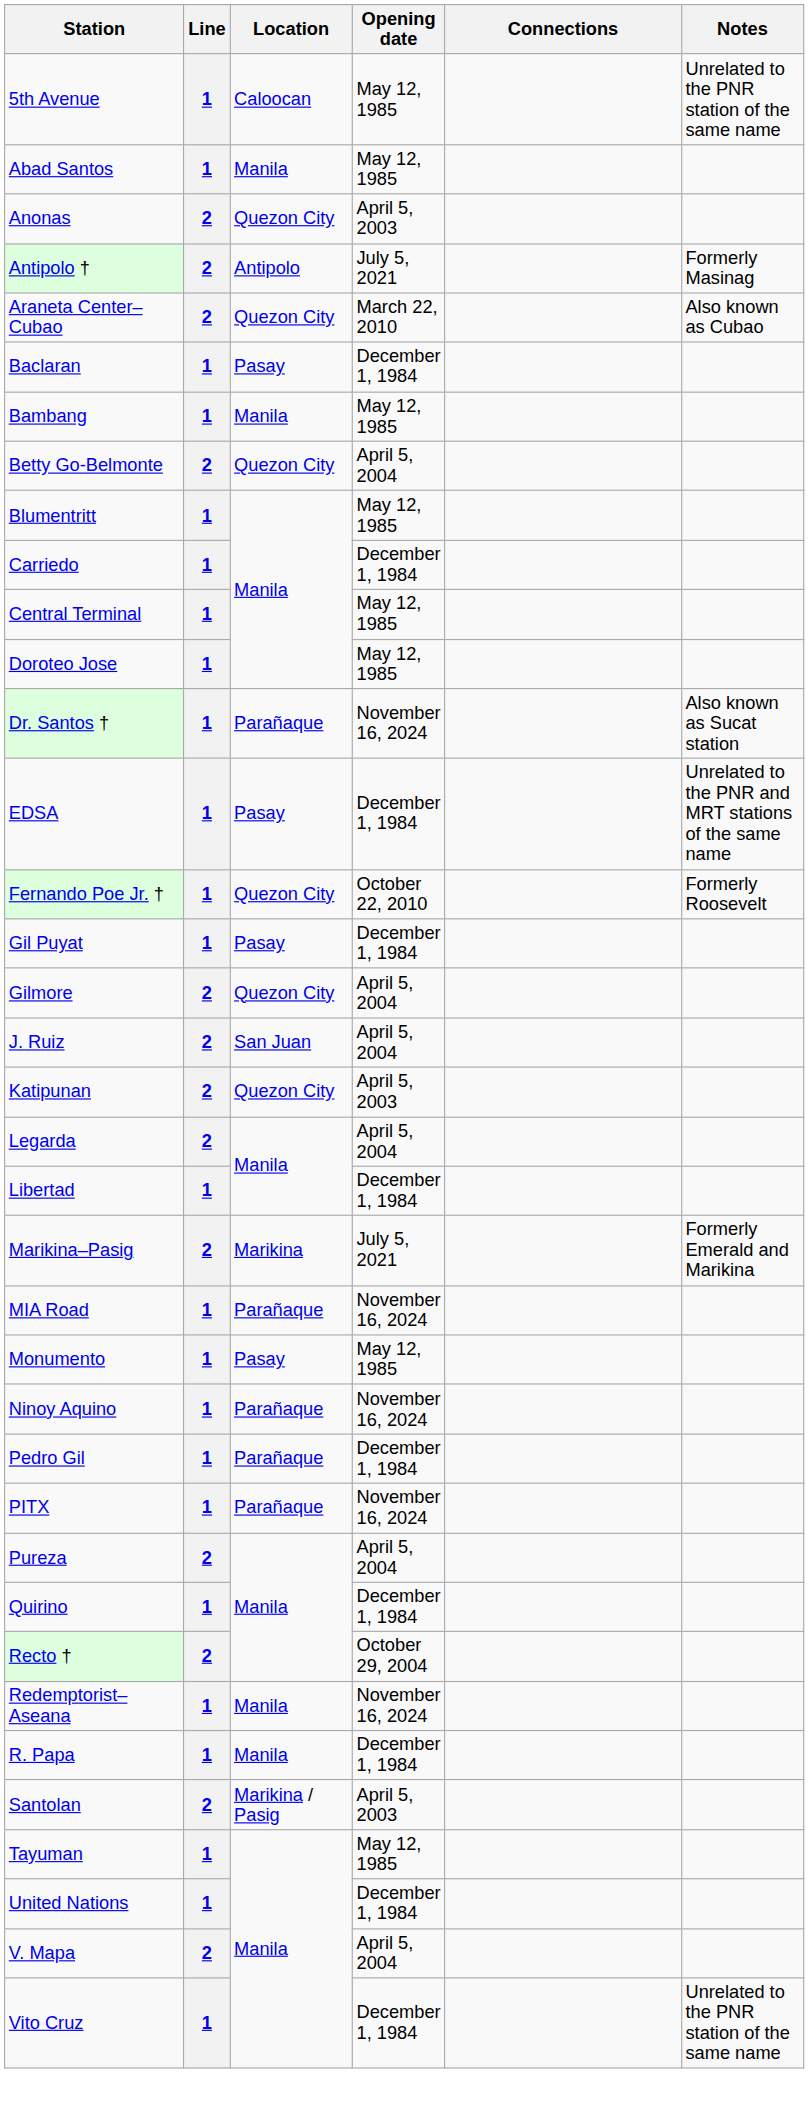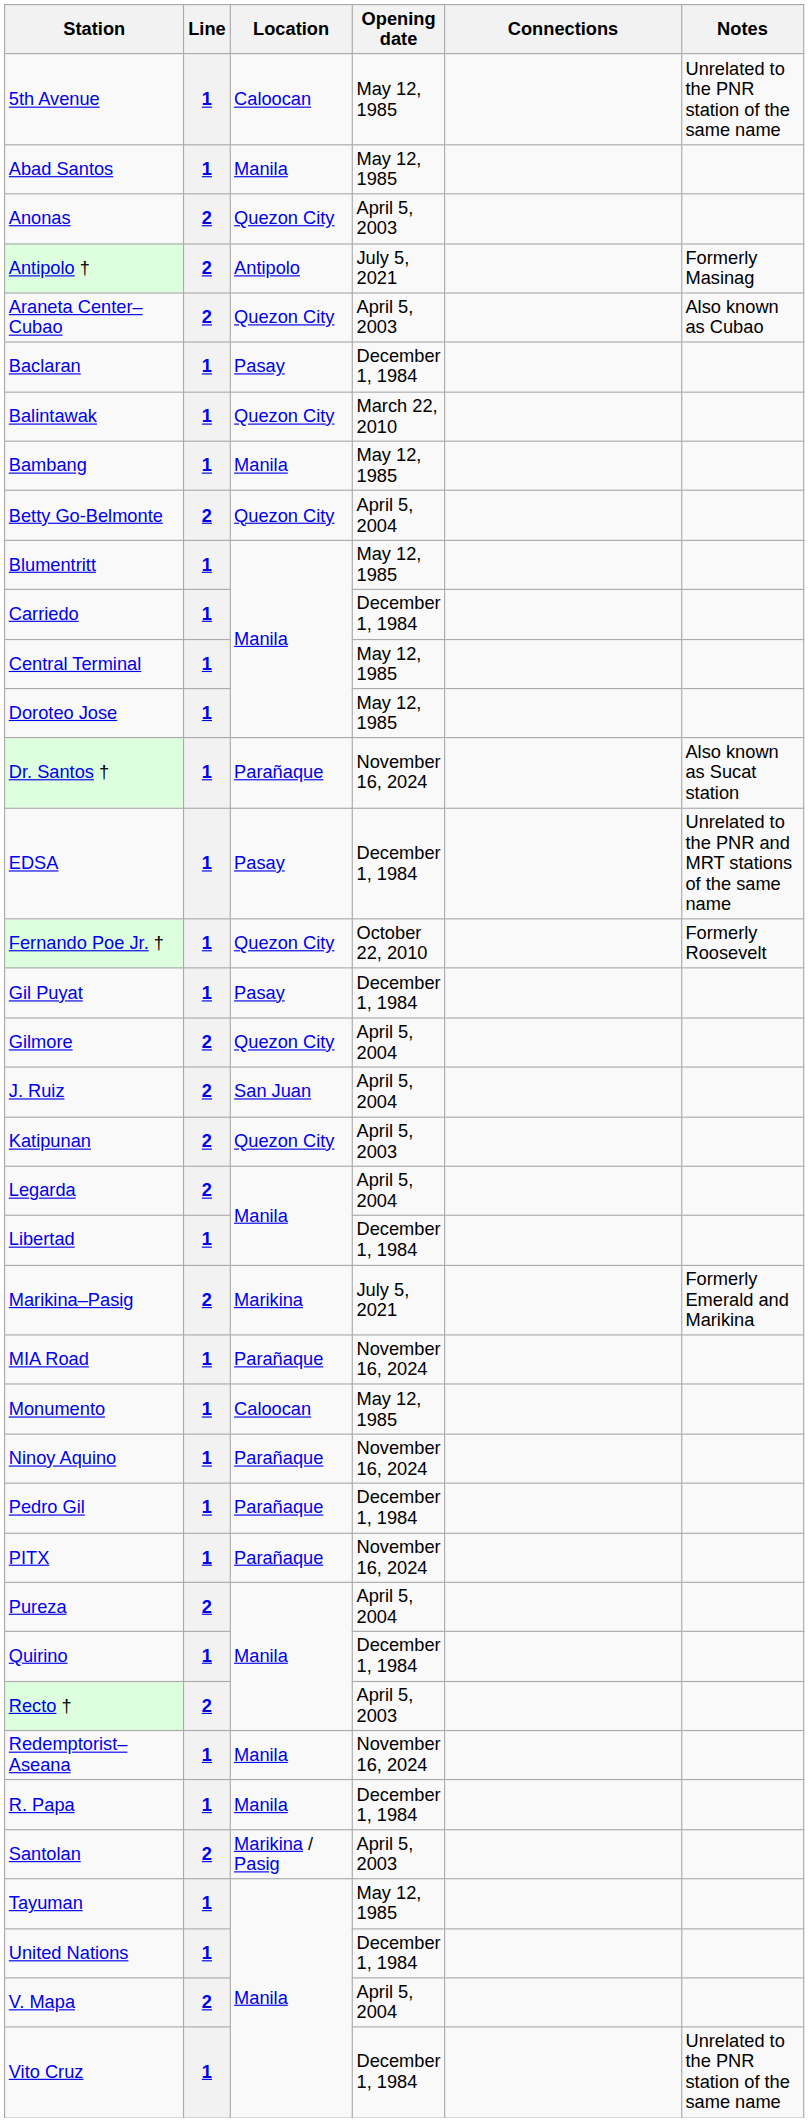 <table class="wikitable sortable">
 <tr>
 <th width="150">Station</th>
 <th class="unsortable" width="25">Line</th>
 <th width="100">Location</th>
 <th width="50">Opening date</th>
 <th width="200">Connections</th>
 <th width="100">Notes</th>
 </tr>
 <tr>
 <td><a href='#'>5th Avenue</a></td>
 <th style="background-color:#"><a href='#'><span>1</span></a></th>
 <td><a href='#'>Caloocan</a></td>
 <td>May 12, 1985</td>
 <td></td>
 <td>Unrelated to the PNR station of the same name</td>
 </tr>
 <tr>
 <td><a href='#'>Abad Santos</a></td>
 <th style="background-color:#"><a href='#'><span>1</span></a></th>
 <td><a href='#'>Manila</a></td>
 <td>May 12, 1985</td>
 <td></td>
 <td></td>
 </tr>
 <tr>
 <td><a href='#'>Anonas</a></td>
 <th style="background-color:#"><a href='#'><span>2</span></a></th>
 <td><a href='#'>Quezon City</a></td>
 <td>April 5, 2003</td>
 <td></td>
 <td></td>
 </tr>
 <tr>
 <td style="background-color:#ddffdd"><a href='#'>Antipolo</a> †</td>
 <th style="background-color:#"><a href='#'><span>2</span></a></th>
 <td><a href='#'>Antipolo</a></td>
 <td>July 5, 2021</td>
 <td></td>
 <td>Formerly Masinag</td>
 </tr>
 <tr>
 <td><a href='#'>Araneta Center–Cubao</a></td>
 <th style="background-color:#"><a href='#'><span>2</span></a></th>
 <td><a href='#'>Quezon City</a></td>
-<td>March 22, 2010</td>
+<td>April 5, 2003</td>
 <td></td>
 <td>Also known as Cubao</td>
 </tr>
 <tr>
 <td><a href='#'>Baclaran</a></td>
 <th style="background-color:#"><a href='#'><span>1</span></a></th>
 <td><a href='#'>Pasay</a></td>
 <td>December 1, 1984</td>
+<td></td>
+<td></td>
+</tr>
+<tr>
+<td><a href='#'>Balintawak</a></td>
+<th style="background-color:#"><a href='#'><span>1</span></a></th>
+<td><a href='#'>Quezon City</a></td>
+<td>March 22, 2010</td>
 <td></td>
 <td></td>
 </tr>
 <tr>
 <td><a href='#'>Bambang</a></td>
 <th style="background-color:#"><a href='#'><span>1</span></a></th>
 <td><a href='#'>Manila</a></td>
 <td>May 12, 1985</td>
 <td></td>
 <td></td>
 </tr>
 <tr>
 <td><a href='#'>Betty Go-Belmonte</a></td>
 <th style="background-color:#"><a href='#'><span>2</span></a></th>
 <td><a href='#'>Quezon City</a></td>
 <td>April 5, 2004</td>
 <td></td>
 <td></td>
 </tr>
 <tr>
 <td><a href='#'>Blumentritt</a></td>
 <th style="background-color:#"><a href='#'><span>1</span></a></th>
 <td rowspan="4"><a href='#'>Manila</a></td>
 <td>May 12, 1985</td>
 <td></td>
 <td></td>
 </tr>
 <tr>
 <td><a href='#'>Carriedo</a></td>
 <th style="background-color:#"><a href='#'><span>1</span></a></th>
 <td>December 1, 1984</td>
 <td></td>
 <td></td>
 </tr>
 <tr>
 <td><a href='#'>Central Terminal</a></td>
 <th style="background-color:#"><a href='#'><span>1</span></a></th>
 <td>May 12, 1985</td>
 <td></td>
 <td></td>
 </tr>
 <tr>
 <td><a href='#'>Doroteo Jose</a></td>
 <th style="background-color:#"><a href='#'><span>1</span></a></th>
 <td>May 12, 1985</td>
 <td></td>
 <td></td>
 </tr>
 <tr>
 <td style="background-color:#ddffdd"><a href='#'>Dr. Santos</a> †</td>
 <th style="background-color:#"><a href='#'><span>1</span></a></th>
 <td><a href='#'>Parañaque</a></td>
 <td>November 16, 2024</td>
 <td></td>
 <td>Also known as Sucat station</td>
 </tr>
 <tr>
 <td><a href='#'>EDSA</a></td>
 <th style="background-color:#"><a href='#'><span>1</span></a></th>
 <td><a href='#'>Pasay</a></td>
 <td>December 1, 1984</td>
 <td></td>
 <td>Unrelated to the PNR and MRT stations of the same name</td>
 </tr>
 <tr>
 <td style="background-color:#ddffdd"><a href='#'>Fernando Poe Jr.</a> †</td>
 <th style="background-color:#"><a href='#'><span>1</span></a></th>
 <td><a href='#'>Quezon City</a></td>
 <td>October 22, 2010</td>
 <td></td>
 <td>Formerly Roosevelt</td>
 </tr>
 <tr>
 <td><a href='#'>Gil Puyat</a></td>
 <th style="background-color:#"><a href='#'><span>1</span></a></th>
 <td><a href='#'>Pasay</a></td>
 <td>December 1, 1984</td>
 <td></td>
 <td></td>
 </tr>
 <tr>
 <td><a href='#'>Gilmore</a></td>
 <th style="background-color:#"><a href='#'><span>2</span></a></th>
 <td><a href='#'>Quezon City</a></td>
 <td>April 5, 2004</td>
 <td></td>
 <td></td>
 </tr>
 <tr>
 <td><a href='#'>J. Ruiz</a></td>
 <th style="background-color:#"><a href='#'><span>2</span></a></th>
 <td><a href='#'>San Juan</a></td>
 <td>April 5, 2004</td>
 <td></td>
 <td></td>
 </tr>
 <tr>
 <td><a href='#'>Katipunan</a></td>
 <th style="background-color:#"><a href='#'><span>2</span></a></th>
 <td><a href='#'>Quezon City</a></td>
 <td>April 5, 2003</td>
 <td></td>
 <td></td>
 </tr>
 <tr>
 <td><a href='#'>Legarda</a></td>
 <th style="background-color:#"><a href='#'><span>2</span></a></th>
 <td rowspan="2"><a href='#'>Manila</a></td>
 <td>April 5, 2004</td>
 <td></td>
 <td></td>
 </tr>
 <tr>
 <td><a href='#'>Libertad</a></td>
 <th style="background-color:#"><a href='#'><span>1</span></a></th>
 <td>December 1, 1984</td>
 <td></td>
 <td></td>
 </tr>
 <tr>
 <td><a href='#'>Marikina–Pasig</a></td>
 <th style="background-color:#"><a href='#'><span>2</span></a></th>
 <td><a href='#'>Marikina</a></td>
 <td>July 5, 2021</td>
 <td></td>
 <td>Formerly Emerald and Marikina</td>
 </tr>
 <tr>
 <td><a href='#'>MIA Road</a></td>
 <th style="background-color:#"><a href='#'><span>1</span></a></th>
 <td><a href='#'>Parañaque</a></td>
 <td>November 16, 2024</td>
 <td style="text-align:left"></td>
 <td></td>
 </tr>
 <tr>
 <td><a href='#'>Monumento</a></td>
 <th style="background-color:#"><a href='#'><span>1</span></a></th>
-<td><a href='#'>Pasay</a></td>
+<td><a href='#'>Caloocan</a></td>
 <td>May 12, 1985</td>
 <td></td>
 <td></td>
 </tr>
 <tr>
 <td><a href='#'>Ninoy Aquino</a></td>
 <th style="background-color:#"><a href='#'><span>1</span></a></th>
 <td><a href='#'>Parañaque</a></td>
 <td>November 16, 2024</td>
 <td></td>
 <td></td>
 </tr>
 <tr>
 <td><a href='#'>Pedro Gil</a></td>
 <th style="background-color:#"><a href='#'><span>1</span></a></th>
 <td><a href='#'>Parañaque</a></td>
 <td>December 1, 1984</td>
 <td></td>
 <td></td>
 </tr>
 <tr>
 <td><a href='#'>PITX</a></td>
 <th style="background-color:#"><a href='#'><span>1</span></a></th>
 <td><a href='#'>Parañaque</a></td>
 <td>November 16, 2024</td>
 <td><br></td>
 <td></td>
 </tr>
 <tr>
 <td><a href='#'>Pureza</a></td>
 <th style="background-color:#"><a href='#'><span>2</span></a></th>
 <td rowspan="3"><a href='#'>Manila</a></td>
 <td>April 5, 2004</td>
 <td></td>
 <td></td>
 </tr>
 <tr>
 <td><a href='#'>Quirino</a></td>
 <th style="background-color:#"><a href='#'><span>1</span></a></th>
 <td>December 1, 1984</td>
 <td></td>
 <td></td>
 </tr>
 <tr>
 <td style="background-color:#ddffdd"><a href='#'>Recto</a> †</td>
 <th style="background-color:#"><a href='#'><span>2</span></a></th>
-<td>October 29, 2004</td>
+<td>April 5, 2003</td>
 <td></td>
 <td></td>
 </tr>
 <tr>
 <td><a href='#'>Redemptorist–Aseana</a></td>
 <th style="background-color:#"><a href='#'><span>1</span></a></th>
 <td><a href='#'>Manila</a></td>
 <td>November 16, 2024</td>
 <td style="text-align:left"></td>
 <td></td>
 </tr>
 <tr>
 <td><a href='#'>R. Papa</a></td>
 <th style="background-color:#"><a href='#'><span>1</span></a></th>
 <td><a href='#'>Manila</a></td>
 <td>December 1, 1984</td>
 <td></td>
 <td></td>
 </tr>
 <tr>
 <td><a href='#'>Santolan</a></td>
 <th style="background-color:#"><a href='#'><span>2</span></a></th>
 <td><a href='#'>Marikina</a> / <a href='#'>Pasig</a></td>
 <td>April 5, 2003</td>
 <td></td>
 <td></td>
 </tr>
 <tr>
 <td><a href='#'>Tayuman</a></td>
 <th style="background-color:#"><a href='#'><span>1</span></a></th>
 <td rowspan="4"><a href='#'>Manila</a></td>
 <td>May 12, 1985</td>
 <td></td>
 <td></td>
 </tr>
 <tr>
 <td><a href='#'>United Nations</a></td>
 <th style="background-color:#"><a href='#'><span>1</span></a></th>
 <td>December 1, 1984</td>
 <td></td>
 <td></td>
 </tr>
 <tr>
 <td><a href='#'>V. Mapa</a></td>
 <th style="background-color:#"><a href='#'><span>2</span></a></th>
 <td>April 5, 2004</td>
 <td></td>
 <td></td>
 </tr>
 <tr>
 <td><a href='#'>Vito Cruz</a></td>
 <th style="background-color:#"><a href='#'><span>1</span></a></th>
 <td>December 1, 1984</td>
 <td></td>
 <td>Unrelated to the PNR station of the same name</td>
 </tr>
 </table>
